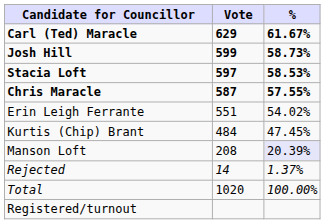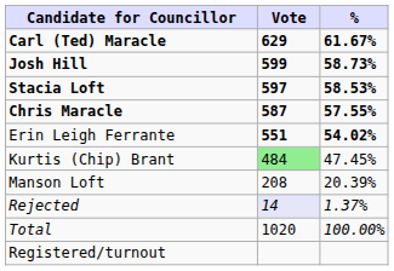 <table class="wikitable">
 <tr>
 <th style="background:#ddf; width:220px;">Candidate for Councillor</th>
 <th style="background:#ddf; width:50px;">Vote</th>
 <th style="background:#ddf; width:30px;">%</th>
 </tr>
 <tr>
 <td><strong>Carl (Ted) Maracle</strong></td>
 <td><strong>629</strong></td>
 <td><strong>61.67%</strong></td>
 </tr>
 <tr>
 <td><strong>Josh Hill</strong></td>
 <td><strong>599</strong></td>
 <td><strong>58.73%</strong></td>
 </tr>
 <tr>
 <td><strong>Stacia Loft</strong></td>
 <td><strong>597</strong></td>
 <td><strong>58.53%</strong></td>
 </tr>
 <tr>
 <td><strong>Chris Maracle</strong></td>
 <td><strong>587</strong></td>
 <td><strong>57.55%</strong></td>
 </tr>
 <tr>
 <td>Erin Leigh Ferrante</td>
-<td>551</td>
-<td>54.02%</td>
+<td><strong>551</strong></td>
+<td><strong>54.02%</strong></td>
 </tr>
 <tr>
 <td>Kurtis (Chip) Brant</td>
-<td>484</td>
+<td style="background: lightgreen;">484</td>
 <td>47.45%</td>
 </tr>
 <tr>
 <td>Manson Loft</td>
 <td>208</td>
-<td style="background: lavender;">20.39%</td>
+<td>20.39%</td>
 </tr>
 <tr>
 <td><em>Rejected</em></td>
-<td><em>14</em></td>
+<td style="background: lavender;"><em>14</em></td>
 <td><em>1.37%</em></td>
 </tr>
 <tr>
 <td><em>Total</em></td>
 <td>1020</td>
 <td><em>100.00%</em></td>
 </tr>
 <tr>
 <td>Registered/turnout</td>
 <td></td>
 </tr>
 </table>
